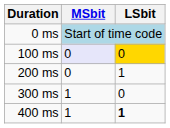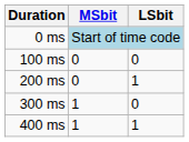 <table class="wikitable">
 <tr>
 <th>Duration</th>
 <th><a href='#'>MSbit</a></th>
 <th>LSbit</th>
 </tr>
 <tr>
 <td align=right>0 ms</td>
 <td colspan=2 bgcolor=lightblue>Start of time code</td>
 </tr>
 <tr>
 <td align=right>100 ms</td>
-<td style="background: lavender;">0</td>
-<td style="background: gold;">0</td>
+<td>0</td>
+<td>0</td>
 </tr>
 <tr>
 <td align=right>200 ms</td>
 <td>0</td>
 <td>1</td>
 </tr>
 <tr>
 <td align=right>300 ms</td>
 <td>1</td>
 <td>0</td>
 </tr>
 <tr>
 <td align=right>400 ms</td>
 <td>1</td>
-<td><strong>1</strong></td>
+<td>1</td>
 </tr>
 </table>
